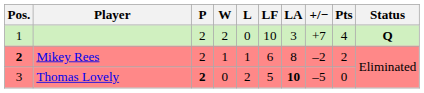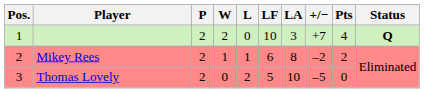 <table class="wikitable" style="text-align:center; margin: 1em auto 1em auto, align:left">
 <tr>
 <th width=20>Pos.</th>
 <th width=185>Player</th>
 <th width=20>P</th>
 <th width=20>W</th>
 <th width=20>L</th>
 <th width=20>LF</th>
 <th width=20>LA</th>
 <th width=25>+/−</th>
 <th width=20>Pts</th>
 <th width=70>Status</th>
 </tr>
 <tr style="background:#D0F0C0;">
 <td>1</td>
 <td align=left></td>
 <td>2</td>
 <td>2</td>
 <td>0</td>
 <td>10</td>
 <td>3</td>
 <td>+7</td>
 <td>4</td>
 <td><strong>Q</strong></td>
 </tr>
 <tr style="background:#FF8888;">
-<td><strong>2</strong></td>
+<td>2</td>
 <td align=left> <a href='#'>Mikey Rees</a></td>
 <td>2</td>
 <td>1</td>
 <td>1</td>
 <td>6</td>
 <td>8</td>
 <td>–2</td>
 <td>2</td>
 <td rowspan=2>Eliminated</td>
 </tr>
 <tr style="background:#FF8888;">
 <td>3</td>
 <td align=left> <a href='#'>Thomas Lovely</a></td>
-<td><strong>2</strong></td>
+<td>2</td>
 <td>0</td>
 <td>2</td>
 <td>5</td>
-<td><strong>10</strong></td>
+<td>10</td>
 <td>–5</td>
 <td>0</td>
 </tr>
 </table>
